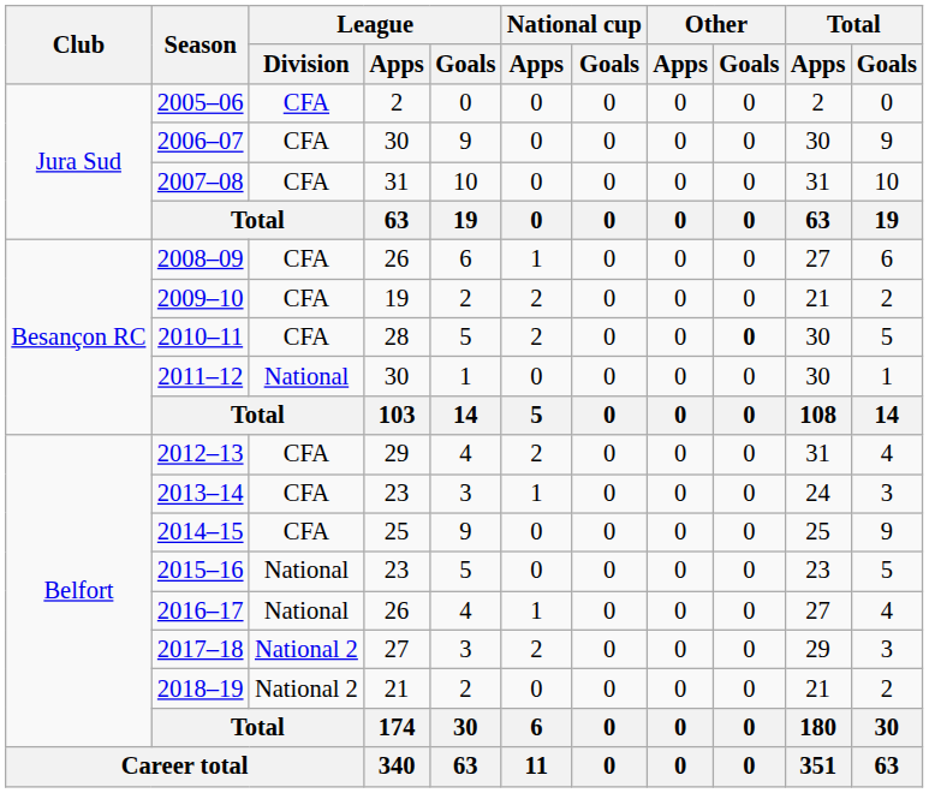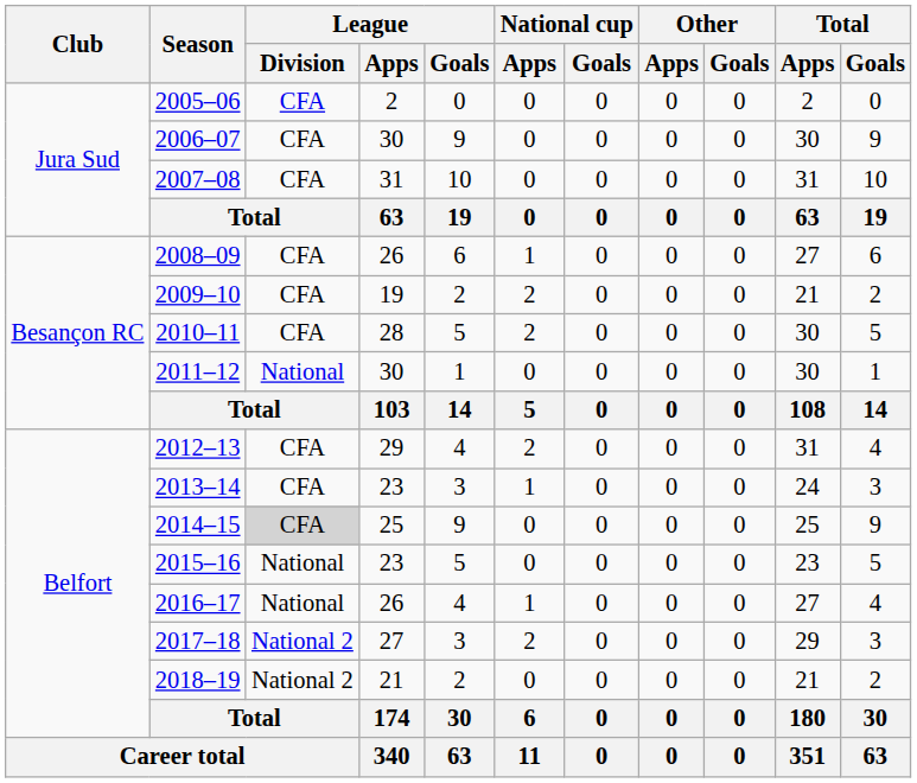 <table class="wikitable" style="text-align:center">
 <tr>
 <th rowspan="2">Club</th>
 <th rowspan="2">Season</th>
 <th colspan="3">League</th>
 <th colspan="2">National cup</th>
 <th colspan="2">Other</th>
 <th colspan="2">Total</th>
 </tr>
 <tr>
 <th>Division</th>
 <th>Apps</th>
 <th>Goals</th>
 <th>Apps</th>
 <th>Goals</th>
 <th>Apps</th>
 <th>Goals</th>
 <th>Apps</th>
 <th>Goals</th>
 </tr>
 <tr>
 <td rowspan="4"><a href='#'>Jura Sud</a></td>
 <td><a href='#'>2005–06</a></td>
 <td><a href='#'>CFA</a></td>
 <td>2</td>
 <td>0</td>
 <td>0</td>
 <td>0</td>
 <td>0</td>
 <td>0</td>
 <td>2</td>
 <td>0</td>
 </tr>
 <tr>
 <td><a href='#'>2006–07</a></td>
 <td>CFA</td>
 <td>30</td>
 <td>9</td>
 <td>0</td>
 <td>0</td>
 <td>0</td>
 <td>0</td>
 <td>30</td>
 <td>9</td>
 </tr>
 <tr>
 <td><a href='#'>2007–08</a></td>
 <td>CFA</td>
 <td>31</td>
 <td>10</td>
 <td>0</td>
 <td>0</td>
 <td>0</td>
 <td>0</td>
 <td>31</td>
 <td>10</td>
 </tr>
 <tr>
 <th colspan="2">Total</th>
 <th>63</th>
 <th>19</th>
 <th>0</th>
 <th>0</th>
 <th>0</th>
 <th>0</th>
 <th>63</th>
 <th>19</th>
 </tr>
 <tr>
 <td rowspan="5"><a href='#'>Besançon RC</a></td>
 <td><a href='#'>2008–09</a></td>
 <td>CFA</td>
 <td>26</td>
 <td>6</td>
 <td>1</td>
 <td>0</td>
 <td>0</td>
 <td>0</td>
 <td>27</td>
 <td>6</td>
 </tr>
 <tr>
 <td><a href='#'>2009–10</a></td>
 <td>CFA</td>
 <td>19</td>
 <td>2</td>
 <td>2</td>
 <td>0</td>
 <td>0</td>
 <td>0</td>
 <td>21</td>
 <td>2</td>
 </tr>
 <tr>
 <td><a href='#'>2010–11</a></td>
 <td>CFA</td>
 <td>28</td>
 <td>5</td>
 <td>2</td>
 <td>0</td>
 <td>0</td>
-<td><strong>0</strong></td>
+<td>0</td>
 <td>30</td>
 <td>5</td>
 </tr>
 <tr>
 <td><a href='#'>2011–12</a></td>
 <td><a href='#'>National</a></td>
 <td>30</td>
 <td>1</td>
 <td>0</td>
 <td>0</td>
 <td>0</td>
 <td>0</td>
 <td>30</td>
 <td>1</td>
 </tr>
 <tr>
 <th colspan="2">Total</th>
 <th>103</th>
 <th>14</th>
 <th>5</th>
 <th>0</th>
 <th>0</th>
 <th>0</th>
 <th>108</th>
 <th>14</th>
 </tr>
 <tr>
 <td rowspan="8"><a href='#'>Belfort</a></td>
 <td><a href='#'>2012–13</a></td>
 <td>CFA</td>
 <td>29</td>
 <td>4</td>
 <td>2</td>
 <td>0</td>
 <td>0</td>
 <td>0</td>
 <td>31</td>
 <td>4</td>
 </tr>
 <tr>
 <td><a href='#'>2013–14</a></td>
 <td>CFA</td>
 <td>23</td>
 <td>3</td>
 <td>1</td>
 <td>0</td>
 <td>0</td>
 <td>0</td>
 <td>24</td>
 <td>3</td>
 </tr>
 <tr>
 <td><a href='#'>2014–15</a></td>
-<td>CFA</td>
+<td style="background: lightgrey;">CFA</td>
 <td>25</td>
 <td>9</td>
 <td>0</td>
 <td>0</td>
 <td>0</td>
 <td>0</td>
 <td>25</td>
 <td>9</td>
 </tr>
 <tr>
 <td><a href='#'>2015–16</a></td>
 <td>National</td>
 <td>23</td>
 <td>5</td>
 <td>0</td>
 <td>0</td>
 <td>0</td>
 <td>0</td>
 <td>23</td>
 <td>5</td>
 </tr>
 <tr>
 <td><a href='#'>2016–17</a></td>
 <td>National</td>
 <td>26</td>
 <td>4</td>
 <td>1</td>
 <td>0</td>
 <td>0</td>
 <td>0</td>
 <td>27</td>
 <td>4</td>
 </tr>
 <tr>
 <td><a href='#'>2017–18</a></td>
 <td><a href='#'>National 2</a></td>
 <td>27</td>
 <td>3</td>
 <td>2</td>
 <td>0</td>
 <td>0</td>
 <td>0</td>
 <td>29</td>
 <td>3</td>
 </tr>
 <tr>
 <td><a href='#'>2018–19</a></td>
 <td>National 2</td>
 <td>21</td>
 <td>2</td>
 <td>0</td>
 <td>0</td>
 <td>0</td>
 <td>0</td>
 <td>21</td>
 <td>2</td>
 </tr>
 <tr>
 <th colspan="2">Total</th>
 <th>174</th>
 <th>30</th>
 <th>6</th>
 <th>0</th>
 <th>0</th>
 <th>0</th>
 <th>180</th>
 <th>30</th>
 </tr>
 <tr>
 <th colspan="3">Career total</th>
 <th>340</th>
 <th>63</th>
 <th>11</th>
 <th>0</th>
 <th>0</th>
 <th>0</th>
 <th>351</th>
 <th>63</th>
 </tr>
 </table>
